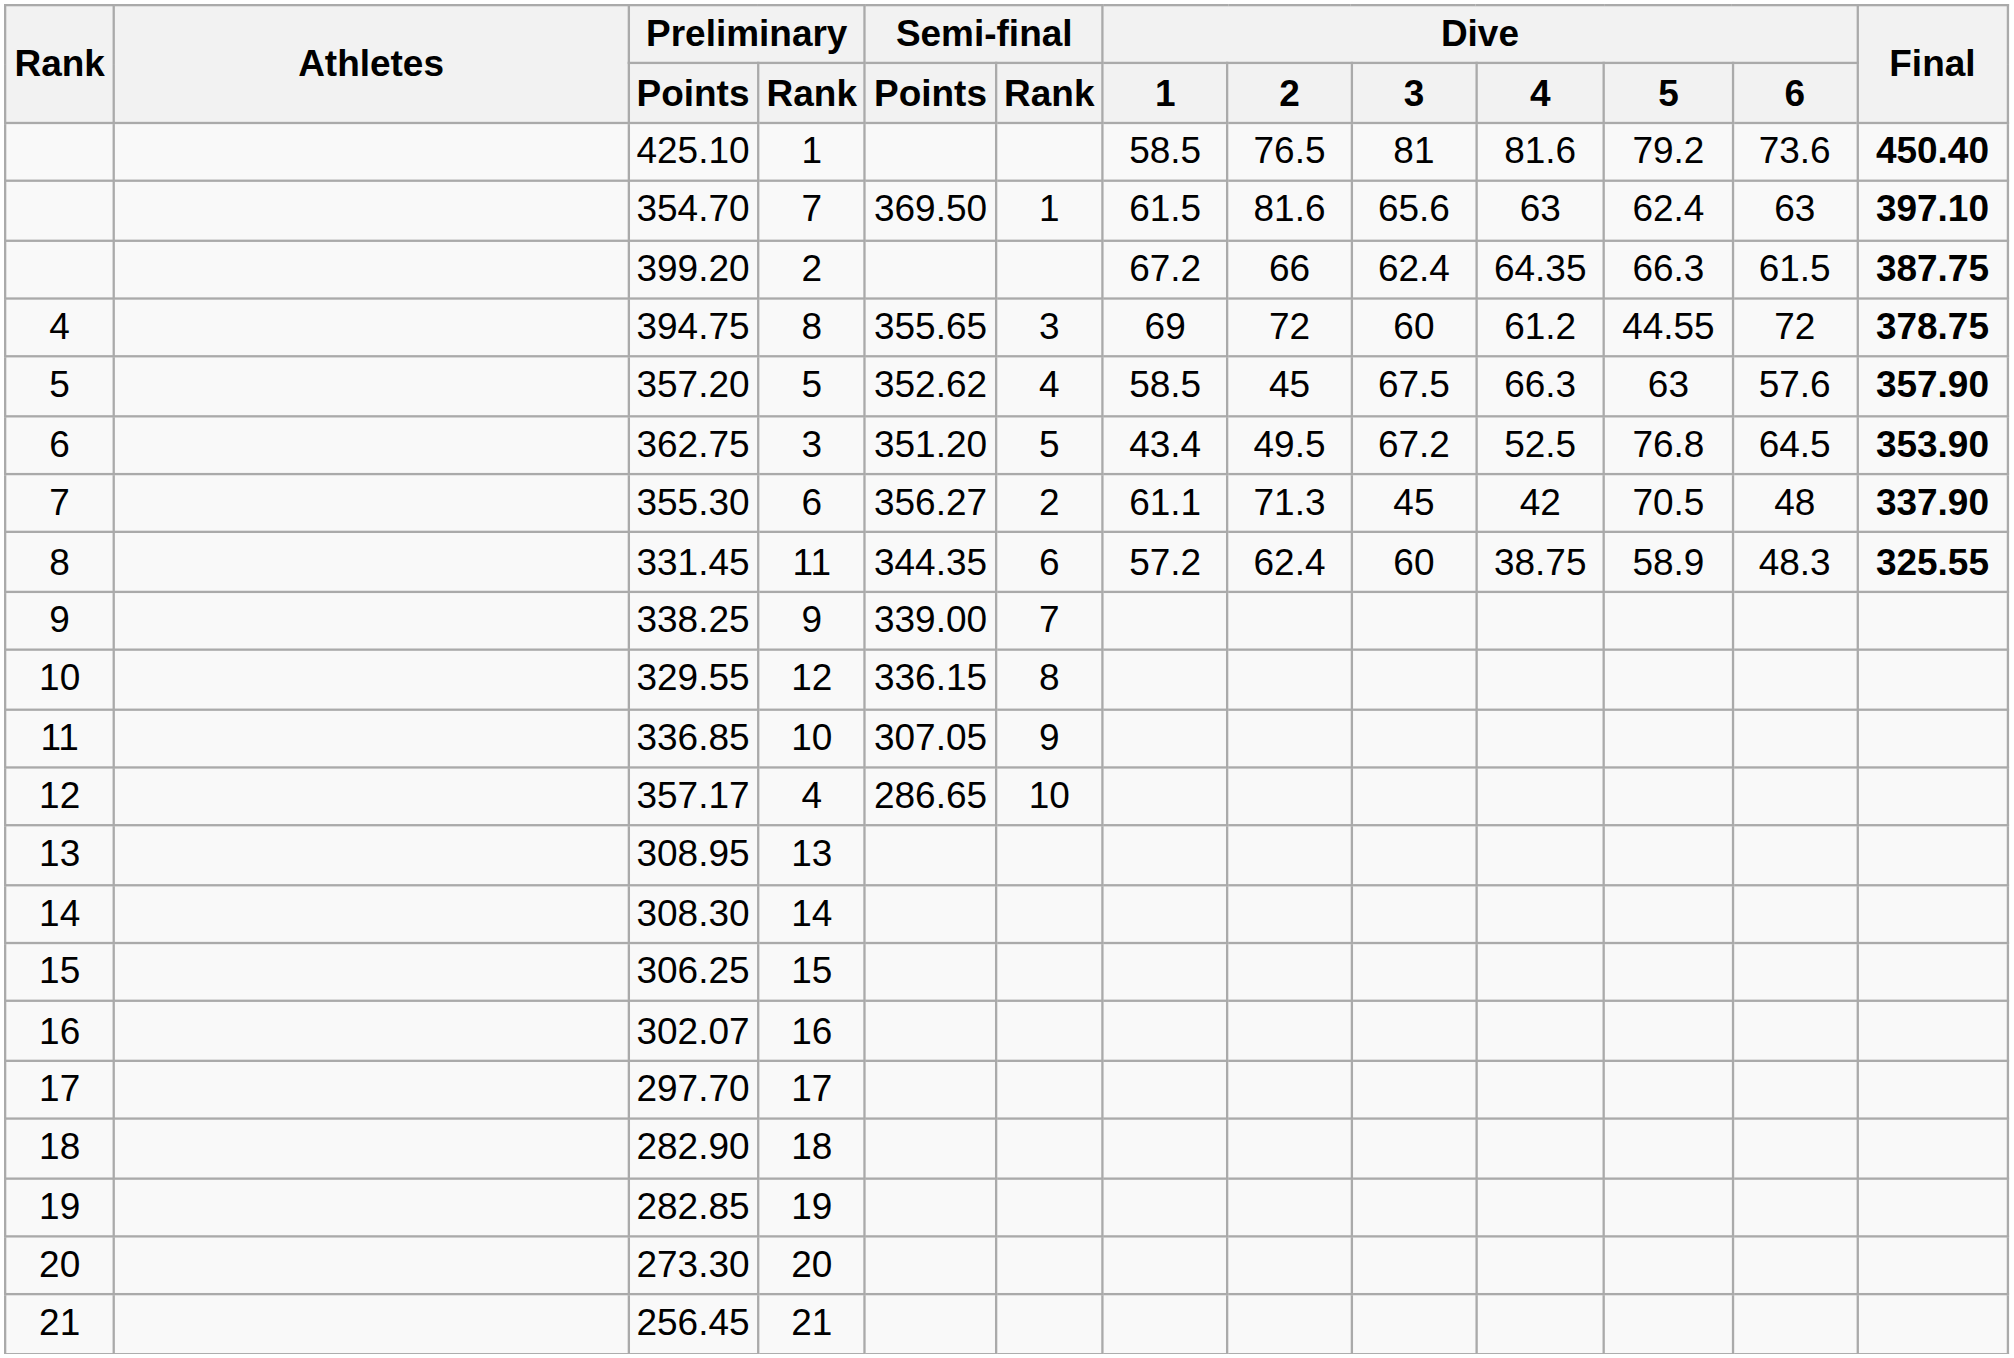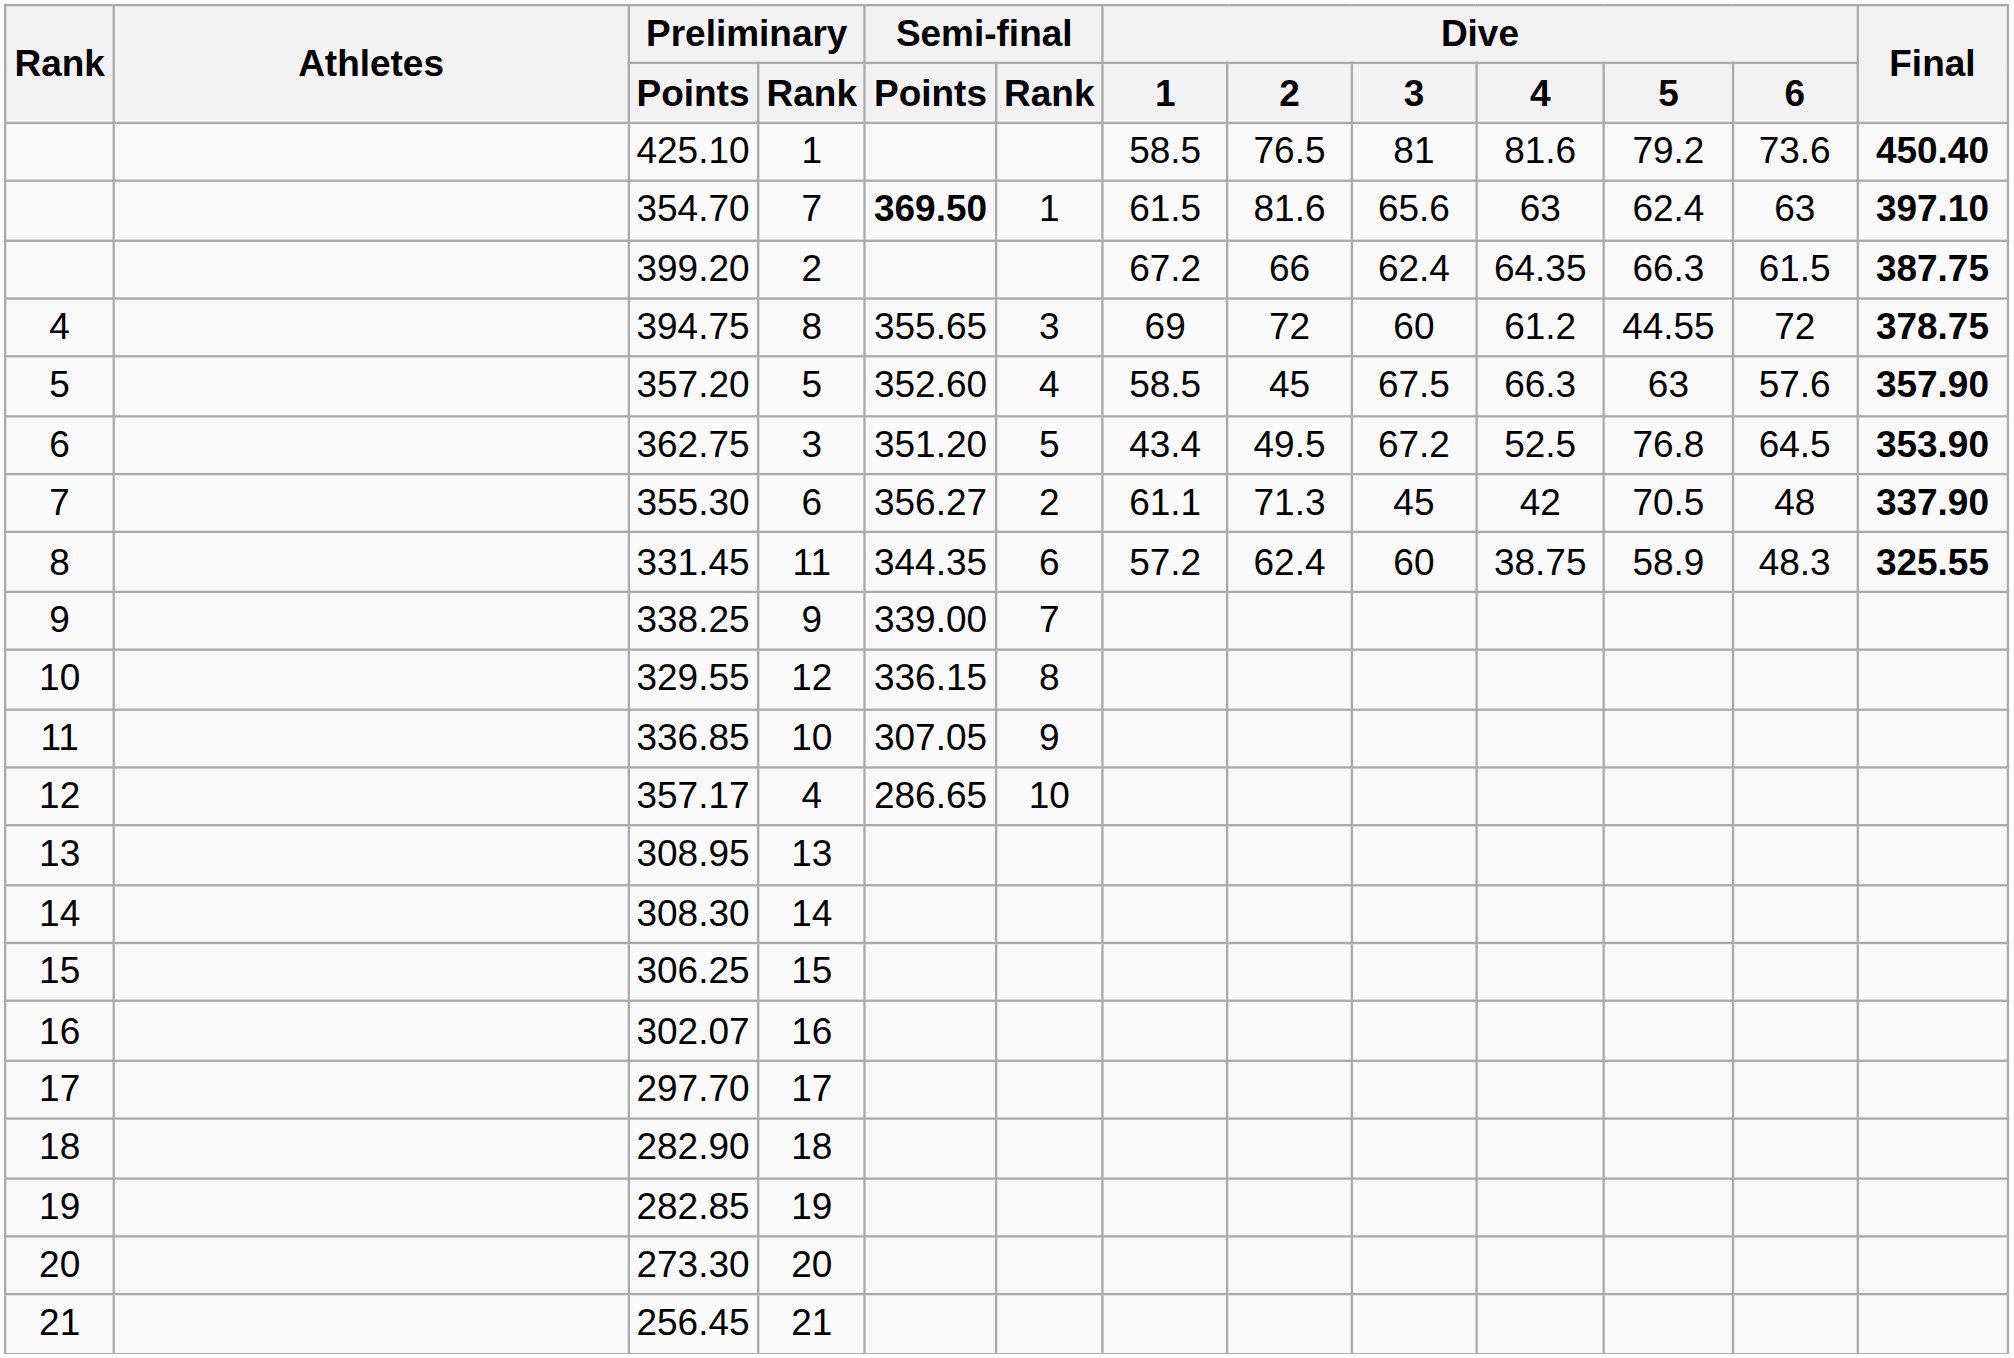 <table class="wikitable" style="text-align:center">
 <tr>
 <th rowspan="2" width=40>Rank</th>
 <th rowspan="2" width=250>Athletes</th>
 <th colspan="2">Preliminary</th>
 <th colspan="2">Semi-final</th>
 <th colspan="6">Dive</th>
 <th rowspan="2" width=60>Final</th>
 </tr>
 <tr>
 <th>Points</th>
 <th>Rank</th>
 <th>Points</th>
 <th>Rank</th>
 <th width=50>1</th>
 <th width=50>2</th>
 <th width=50>3</th>
 <th width=50>4</th>
 <th width=50>5</th>
 <th width=50>6</th>
 </tr>
 <tr>
 <td></td>
 <td align=left></td>
 <td>425.10</td>
 <td>1</td>
 <td></td>
 <td></td>
 <td>58.5</td>
 <td>76.5</td>
 <td>81</td>
 <td>81.6</td>
 <td>79.2</td>
 <td>73.6</td>
 <td><strong>450.40</strong></td>
 </tr>
 <tr>
 <td></td>
 <td align=left></td>
 <td>354.70</td>
 <td>7</td>
-<td>369.50</td>
+<td><strong>369.50</strong></td>
 <td>1</td>
 <td>61.5</td>
 <td>81.6</td>
 <td>65.6</td>
 <td>63</td>
 <td>62.4</td>
 <td>63</td>
 <td><strong>397.10</strong></td>
 </tr>
 <tr>
 <td></td>
 <td align=left></td>
 <td>399.20</td>
 <td>2</td>
 <td></td>
 <td></td>
 <td>67.2</td>
 <td>66</td>
 <td>62.4</td>
 <td>64.35</td>
 <td>66.3</td>
 <td>61.5</td>
 <td><strong>387.75</strong></td>
 </tr>
 <tr>
 <td>4</td>
 <td align=left></td>
 <td>394.75</td>
 <td>8</td>
 <td>355.65</td>
 <td>3</td>
 <td>69</td>
 <td>72</td>
 <td>60</td>
 <td>61.2</td>
 <td>44.55</td>
 <td>72</td>
 <td><strong>378.75</strong></td>
 </tr>
 <tr>
 <td>5</td>
 <td align=left></td>
 <td>357.20</td>
 <td>5</td>
-<td>352.62</td>
+<td>352.60</td>
 <td>4</td>
 <td>58.5</td>
 <td>45</td>
 <td>67.5</td>
 <td>66.3</td>
 <td>63</td>
 <td>57.6</td>
 <td><strong>357.90</strong></td>
 </tr>
 <tr>
 <td>6</td>
 <td align=left></td>
 <td>362.75</td>
 <td>3</td>
 <td>351.20</td>
 <td>5</td>
 <td>43.4</td>
 <td>49.5</td>
 <td>67.2</td>
 <td>52.5</td>
 <td>76.8</td>
 <td>64.5</td>
 <td><strong>353.90</strong></td>
 </tr>
 <tr>
 <td>7</td>
 <td align=left></td>
 <td>355.30</td>
 <td>6</td>
 <td>356.27</td>
 <td>2</td>
 <td>61.1</td>
 <td>71.3</td>
 <td>45</td>
 <td>42</td>
 <td>70.5</td>
 <td>48</td>
 <td><strong>337.90</strong></td>
 </tr>
 <tr>
 <td>8</td>
 <td align=left></td>
 <td>331.45</td>
 <td>11</td>
 <td>344.35</td>
 <td>6</td>
 <td>57.2</td>
 <td>62.4</td>
 <td>60</td>
 <td>38.75</td>
 <td>58.9</td>
 <td>48.3</td>
 <td><strong>325.55</strong></td>
 </tr>
 <tr>
 <td>9</td>
 <td align=left></td>
 <td>338.25</td>
 <td>9</td>
 <td>339.00</td>
 <td>7</td>
 <td></td>
 <td></td>
 <td></td>
 <td></td>
 <td></td>
 <td></td>
 <td></td>
 </tr>
 <tr>
 <td>10</td>
 <td align=left></td>
 <td>329.55</td>
 <td>12</td>
 <td>336.15</td>
 <td>8</td>
 <td></td>
 <td></td>
 <td></td>
 <td></td>
 <td></td>
 <td></td>
 <td></td>
 </tr>
 <tr>
 <td>11</td>
 <td align=left></td>
 <td>336.85</td>
 <td>10</td>
 <td>307.05</td>
 <td>9</td>
 <td></td>
 <td></td>
 <td></td>
 <td></td>
 <td></td>
 <td></td>
 <td></td>
 </tr>
 <tr>
 <td>12</td>
 <td align=left></td>
 <td>357.17</td>
 <td>4</td>
 <td>286.65</td>
 <td>10</td>
 <td></td>
 <td></td>
 <td></td>
 <td></td>
 <td></td>
 <td></td>
 <td></td>
 </tr>
 <tr>
 <td>13</td>
 <td align=left></td>
 <td>308.95</td>
 <td>13</td>
 <td></td>
 <td></td>
 <td></td>
 <td></td>
 <td></td>
 <td></td>
 <td></td>
 <td></td>
 <td></td>
 </tr>
 <tr>
 <td>14</td>
 <td align=left></td>
 <td>308.30</td>
 <td>14</td>
 <td></td>
 <td></td>
 <td></td>
 <td></td>
 <td></td>
 <td></td>
 <td></td>
 <td></td>
 <td></td>
 </tr>
 <tr>
 <td>15</td>
 <td align=left></td>
 <td>306.25</td>
 <td>15</td>
 <td></td>
 <td></td>
 <td></td>
 <td></td>
 <td></td>
 <td></td>
 <td></td>
 <td></td>
 <td></td>
 </tr>
 <tr>
 <td>16</td>
 <td align=left></td>
 <td>302.07</td>
 <td>16</td>
 <td></td>
 <td></td>
 <td></td>
 <td></td>
 <td></td>
 <td></td>
 <td></td>
 <td></td>
 <td></td>
 </tr>
 <tr>
 <td>17</td>
 <td align=left></td>
 <td>297.70</td>
 <td>17</td>
 <td></td>
 <td></td>
 <td></td>
 <td></td>
 <td></td>
 <td></td>
 <td></td>
 <td></td>
 <td></td>
 </tr>
 <tr>
 <td>18</td>
 <td align=left></td>
 <td>282.90</td>
 <td>18</td>
 <td></td>
 <td></td>
 <td></td>
 <td></td>
 <td></td>
 <td></td>
 <td></td>
 <td></td>
 <td></td>
 </tr>
 <tr>
 <td>19</td>
 <td align=left></td>
 <td>282.85</td>
 <td>19</td>
 <td></td>
 <td></td>
 <td></td>
 <td></td>
 <td></td>
 <td></td>
 <td></td>
 <td></td>
 <td></td>
 </tr>
 <tr>
 <td>20</td>
 <td align=left></td>
 <td>273.30</td>
 <td>20</td>
 <td></td>
 <td></td>
 <td></td>
 <td></td>
 <td></td>
 <td></td>
 <td></td>
 <td></td>
 <td></td>
 </tr>
 <tr>
 <td>21</td>
 <td align=left></td>
 <td>256.45</td>
 <td>21</td>
 <td></td>
 <td></td>
 <td></td>
 <td></td>
 <td></td>
 <td></td>
 <td></td>
 <td></td>
 <td></td>
 </tr>
 </table>
